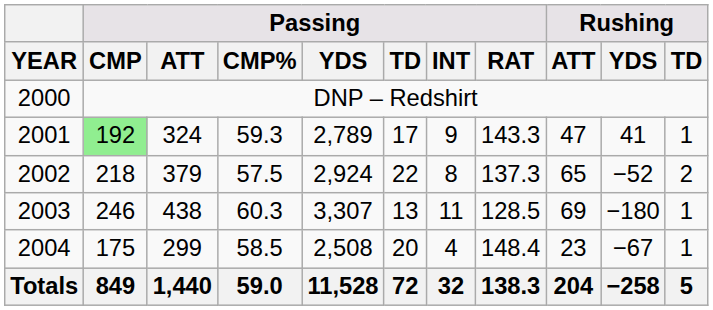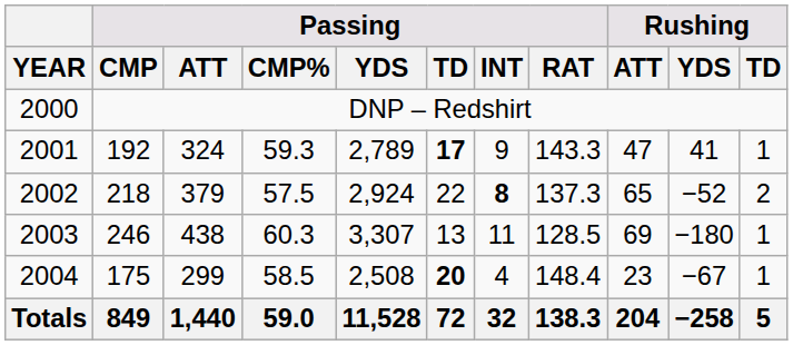 <table class=wikitable style="text-align:center">
 <tr>
 <th></th>
 <th colspan="7" style="background:#e7e3e7;">Passing</th>
 <th colspan="3" style="background:#e7e3e7;">Rushing</th>
 </tr>
 <tr>
 <th>YEAR</th>
 <th>CMP</th>
 <th>ATT</th>
 <th>CMP%</th>
 <th>YDS</th>
 <th>TD</th>
 <th>INT</th>
 <th>RAT</th>
 <th>ATT</th>
 <th>YDS</th>
 <th>TD</th>
 </tr>
 <tr>
 <td>2000</td>
 <td colspan=10>DNP – Redshirt</td>
 </tr>
 <tr>
 <td>2001</td>
-<td style="background: lightgreen;">192</td>
+<td>192</td>
 <td>324</td>
 <td>59.3</td>
 <td>2,789</td>
-<td>17</td>
+<td><strong>17</strong></td>
 <td>9</td>
 <td>143.3</td>
 <td>47</td>
 <td>41</td>
 <td>1</td>
 </tr>
 <tr>
 <td>2002</td>
 <td>218</td>
 <td>379</td>
 <td>57.5</td>
 <td>2,924</td>
 <td>22</td>
-<td>8</td>
+<td><strong>8</strong></td>
 <td>137.3</td>
 <td>65</td>
 <td>−52</td>
 <td>2</td>
 </tr>
 <tr>
 <td>2003</td>
 <td>246</td>
 <td>438</td>
 <td>60.3</td>
 <td>3,307</td>
 <td>13</td>
 <td>11</td>
 <td>128.5</td>
 <td>69</td>
 <td>−180</td>
 <td>1</td>
 </tr>
 <tr>
 <td>2004</td>
 <td>175</td>
 <td>299</td>
 <td>58.5</td>
 <td>2,508</td>
-<td>20</td>
+<td><strong>20</strong></td>
 <td>4</td>
 <td>148.4</td>
 <td>23</td>
 <td>−67</td>
 <td>1</td>
 </tr>
 <tr>
 <th>Totals</th>
 <th>849</th>
 <th>1,440</th>
 <th>59.0</th>
 <th>11,528</th>
 <th>72</th>
 <th>32</th>
 <th>138.3</th>
 <th>204</th>
 <th>−258</th>
 <th>5</th>
 </tr>
 </table>
